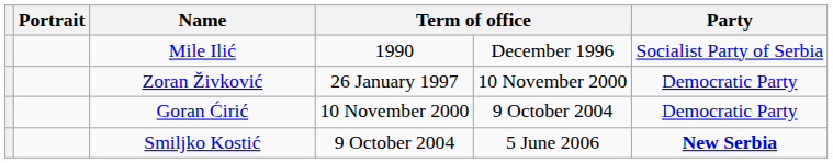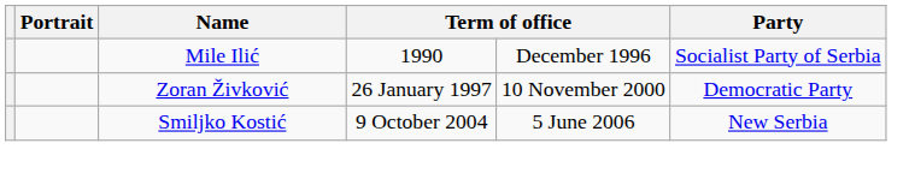 <table class="wikitable" style="text-align:center">
 <tr>
 <th></th>
 <th>Portrait</th>
 <th width=180>Name<br></th>
 <th colspan=2>Term of office</th>
 <th>Party</th>
 </tr>
 <tr>
 <th style="background:"></th>
 <td></td>
 <td><a href='#'>Mile Ilić</a><br></td>
 <td>1990</td>
 <td>December 1996</td>
 <td><a href='#'>Socialist Party of Serbia</a></td>
 </tr>
 <tr>
 <th style="background:"></th>
 <td></td>
 <td><a href='#'>Zoran Živković</a><br></td>
 <td>26 January 1997</td>
 <td>10 November 2000</td>
 <td><a href='#'>Democratic Party</a></td>
 </tr>
 <tr>
 <th style="background:"></th>
 <td></td>
-<td><a href='#'>Goran Ćirić</a><br></td>
-<td>10 November 2000</td>
-<td>9 October 2004</td>
-<td><a href='#'>Democratic Party</a></td>
-</tr>
-<tr>
-<th style="background:"></th>
-<td></td>
 <td><a href='#'>Smiljko Kostić</a><br></td>
 <td>9 October 2004</td>
 <td>5 June 2006</td>
-<td><strong><a href='#'>New Serbia</a></strong></td>
+<td><a href='#'>New Serbia</a></td>
 </tr>
 </table>
